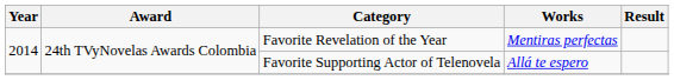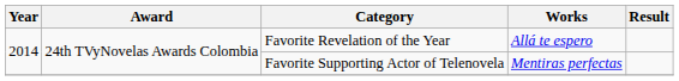 <table class="wikitable plainrowheaders">
 <tr>
 <th scope="col">Year</th>
 <th scope="col">Award</th>
 <th scope="col">Category</th>
 <th scope="col">Works</th>
 <th scope="col">Result</th>
 </tr>
 <tr>
 <td rowspan="2">2014</td>
 <td rowspan="2">24th TVyNovelas Awards Colombia</td>
 <td>Favorite Revelation of the Year</td>
-<td><em><a href='#'>Mentiras perfectas</a></em></td>
+<td><em><a href='#'>Allá te espero</a></em></td>
 <td></td>
 </tr>
 <tr>
 <td>Favorite Supporting Actor of Telenovela</td>
-<td><em><a href='#'>Allá te espero</a></em></td>
+<td><em><a href='#'>Mentiras perfectas</a></em></td>
 <td></td>
 </tr>
 <tr>
 </tr>
 </table>
